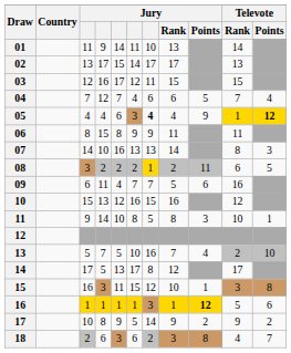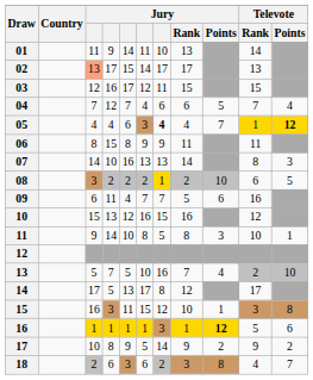 <table class="sortable wikitable collapsible plainrowheaders" style="text-align:center">
 <tr>
 </tr>
 <tr>
 <th scope="col" rowspan="2">Draw</th>
 <th scope="col" rowspan="2">Country</th>
 <th scope="col" colspan="7">Jury</th>
 <th scope="col" colspan="2">Televote</th>
 </tr>
 <tr>
 <th scope="col"><small></small></th>
 <th scope="col"><small></small></th>
 <th scope="col"><small></small></th>
 <th scope="col"><small></small></th>
 <th scope="col"><small></small></th>
 <th scope="col">Rank</th>
 <th scope="col">Points</th>
 <th scope="col">Rank</th>
 <th scope="col">Points</th>
 </tr>
 <tr>
 <th scope="row" style="text-align:center;">01</th>
 <td style="text-align:left;"></td>
 <td>11</td>
 <td>9</td>
 <td>14</td>
 <td>11</td>
 <td>10</td>
 <td>13</td>
 <td style="background:#AAAAAA;"></td>
 <td>14</td>
 <td style="background:#AAAAAA;"></td>
 </tr>
 <tr>
 <th scope="row" style="text-align:center;">02</th>
 <td style="text-align:left;"></td>
-<td>13</td>
+<td style="background: lightsalmon;">13</td>
 <td>17</td>
 <td>15</td>
 <td>14</td>
 <td>17</td>
 <td>17</td>
 <td style="background:#AAAAAA;"></td>
 <td>13</td>
 <td style="background:#AAAAAA;"></td>
 </tr>
 <tr>
 <th scope="row" style="text-align:center;">03</th>
 <td style="text-align:left;"></td>
 <td>12</td>
 <td>16</td>
 <td>17</td>
 <td>12</td>
 <td>11</td>
 <td>15</td>
 <td style="background:#AAAAAA;"></td>
 <td>15</td>
 <td style="background:#AAAAAA;"></td>
 </tr>
 <tr>
 <th scope="row" style="text-align:center;">04</th>
 <td style="text-align:left;"></td>
 <td>7</td>
 <td>12</td>
 <td>7</td>
 <td>4</td>
 <td>6</td>
 <td>6</td>
 <td>5</td>
 <td>7</td>
 <td>4</td>
 </tr>
 <tr>
 <th scope="row" style="text-align:center;">05</th>
 <td style="text-align:left;"></td>
 <td>4</td>
 <td>4</td>
 <td>6</td>
 <td style="background:#CC9966;">3</td>
 <td><strong>4</strong></td>
 <td>4</td>
-<td>9</td>
+<td>7</td>
 <td style="background:gold;">1</td>
 <td style="background:gold;"><strong>12</strong></td>
 </tr>
 <tr>
 <th scope="row" style="text-align:center;">06</th>
 <td style="text-align:left;"></td>
 <td>8</td>
 <td>15</td>
 <td>8</td>
 <td>9</td>
 <td>9</td>
 <td>11</td>
 <td style="background:#AAAAAA;"></td>
 <td>11</td>
 <td style="background:#AAAAAA;"></td>
 </tr>
 <tr>
 <th scope="row" style="text-align:center;">07</th>
 <td style="text-align:left;"></td>
 <td>14</td>
 <td>10</td>
 <td>16</td>
 <td>13</td>
 <td>13</td>
 <td>14</td>
 <td style="background:#AAAAAA;"></td>
 <td>8</td>
 <td>3</td>
 </tr>
 <tr>
 <th scope="row" style="text-align:center;">08</th>
 <td style="text-align:left;"></td>
 <td style="background:#CC9966;">3</td>
 <td style="background:silver;">2</td>
 <td style="background:silver;">2</td>
 <td style="background:silver;">2</td>
 <td style="background:gold;">1</td>
 <td style="background:silver;">2</td>
-<td style="background:silver;">11</td>
+<td style="background:silver;">10</td>
 <td>6</td>
 <td>5</td>
 </tr>
 <tr>
 <th scope="row" style="text-align:center;">09</th>
 <td style="text-align:left;"></td>
 <td>6</td>
 <td>11</td>
 <td>4</td>
 <td>7</td>
 <td>7</td>
 <td>5</td>
 <td>6</td>
 <td>16</td>
 <td style="background:#AAAAAA;"></td>
 </tr>
 <tr>
 <th scope="row" style="text-align:center;">10</th>
 <td style="text-align:left;"></td>
 <td>15</td>
 <td>13</td>
 <td>12</td>
 <td>16</td>
 <td>15</td>
 <td>16</td>
 <td style="background:#AAAAAA;"></td>
 <td>12</td>
 <td style="background:#AAAAAA;"></td>
 </tr>
 <tr>
 <th scope="row" style="text-align:center;">11</th>
 <td style="text-align:left;"></td>
 <td>9</td>
 <td>14</td>
 <td>10</td>
 <td>8</td>
 <td>5</td>
 <td>8</td>
 <td>3</td>
 <td>10</td>
 <td>1</td>
 </tr>
 <tr class="sortbottom">
 <th scope="row" style="text-align:center;">12</th>
 <td style="text-align:left;"></td>
 <td style="background:#AAAAAA;"></td>
 <td style="background:#AAAAAA;"></td>
 <td style="background:#AAAAAA;"></td>
 <td style="background:#AAAAAA;"></td>
 <td style="background:#AAAAAA;"></td>
 <td style="background:#AAAAAA;"></td>
 <td style="background:#AAAAAA;"></td>
 <td style="background:#AAAAAA;"></td>
 <td style="background:#AAAAAA;"></td>
 </tr>
 <tr>
 <th scope="row" style="text-align:center;">13</th>
 <td style="text-align:left;"></td>
 <td>5</td>
 <td>7</td>
 <td>5</td>
 <td>10</td>
 <td>16</td>
 <td>7</td>
 <td>4</td>
 <td style="background:silver;">2</td>
 <td style="background:silver;">10</td>
 </tr>
 <tr>
 <th scope="row" style="text-align:center;">14</th>
 <td style="text-align:left;"></td>
 <td>17</td>
 <td>5</td>
 <td>13</td>
 <td>17</td>
 <td>8</td>
 <td>12</td>
 <td style="background:#AAAAAA;"></td>
 <td>17</td>
 <td style="background:#AAAAAA;"></td>
 </tr>
 <tr>
 <th scope="row" style="text-align:center;">15</th>
 <td style="text-align:left;"></td>
 <td>16</td>
 <td style="background:#CC9966;">3</td>
 <td>11</td>
 <td>15</td>
 <td>12</td>
 <td>10</td>
 <td>1</td>
 <td style="background:#CC9966;">3</td>
 <td style="background:#CC9966;">8</td>
 </tr>
 <tr>
 <th scope="row" style="text-align:center;">16</th>
 <td style="text-align:left;"></td>
 <td style="background:gold;">1</td>
 <td style="background:gold;">1</td>
 <td style="background:gold;">1</td>
 <td style="background:gold;">1</td>
 <td style="background:#CC9966;">3</td>
 <td style="background:gold;">1</td>
 <td style="background:gold;"><strong>12</strong></td>
 <td>5</td>
 <td>6</td>
 </tr>
 <tr>
 <th scope="row" style="text-align:center;">17</th>
 <td style="text-align:left;"></td>
 <td>10</td>
 <td>8</td>
 <td>9</td>
 <td>5</td>
 <td>14</td>
 <td>9</td>
 <td>2</td>
 <td>9</td>
 <td>2</td>
 </tr>
 <tr>
 <th scope="row" style="text-align:center;">18</th>
 <td style="text-align:left;"></td>
 <td style="background:silver;">2</td>
 <td>6</td>
 <td style="background:#CC9966;">3</td>
 <td>6</td>
 <td style="background:silver;">2</td>
 <td style="background:#CC9966;">3</td>
 <td style="background:#CC9966;">8</td>
 <td>4</td>
 <td>7</td>
 </tr>
 </table>
